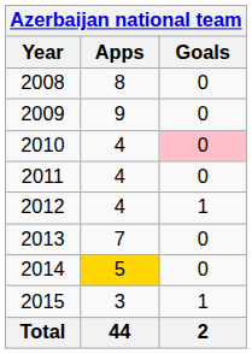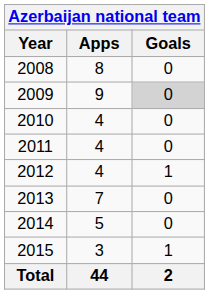 <table class="wikitable" style="text-align:center">
 <tr>
 <th colspan="3"><a href='#'>Azerbaijan national team</a></th>
 </tr>
 <tr>
 <th>Year</th>
 <th>Apps</th>
 <th>Goals</th>
 </tr>
 <tr>
 <td>2008</td>
 <td>8</td>
 <td>0</td>
 </tr>
 <tr>
 <td>2009</td>
 <td>9</td>
-<td>0</td>
+<td style="background: lightgrey;">0</td>
 </tr>
 <tr>
 <td>2010</td>
 <td>4</td>
-<td style="background: pink;">0</td>
+<td>0</td>
 </tr>
 <tr>
 <td>2011</td>
 <td>4</td>
 <td>0</td>
 </tr>
 <tr>
 <td>2012</td>
 <td>4</td>
 <td>1</td>
 </tr>
 <tr>
 <td>2013</td>
 <td>7</td>
 <td>0</td>
 </tr>
 <tr>
 <td>2014</td>
-<td style="background: gold;">5</td>
+<td>5</td>
 <td>0</td>
 </tr>
 <tr>
 <td>2015</td>
 <td>3</td>
 <td>1</td>
 </tr>
 <tr>
 <th>Total</th>
 <th>44</th>
 <th>2</th>
 </tr>
 </table>
